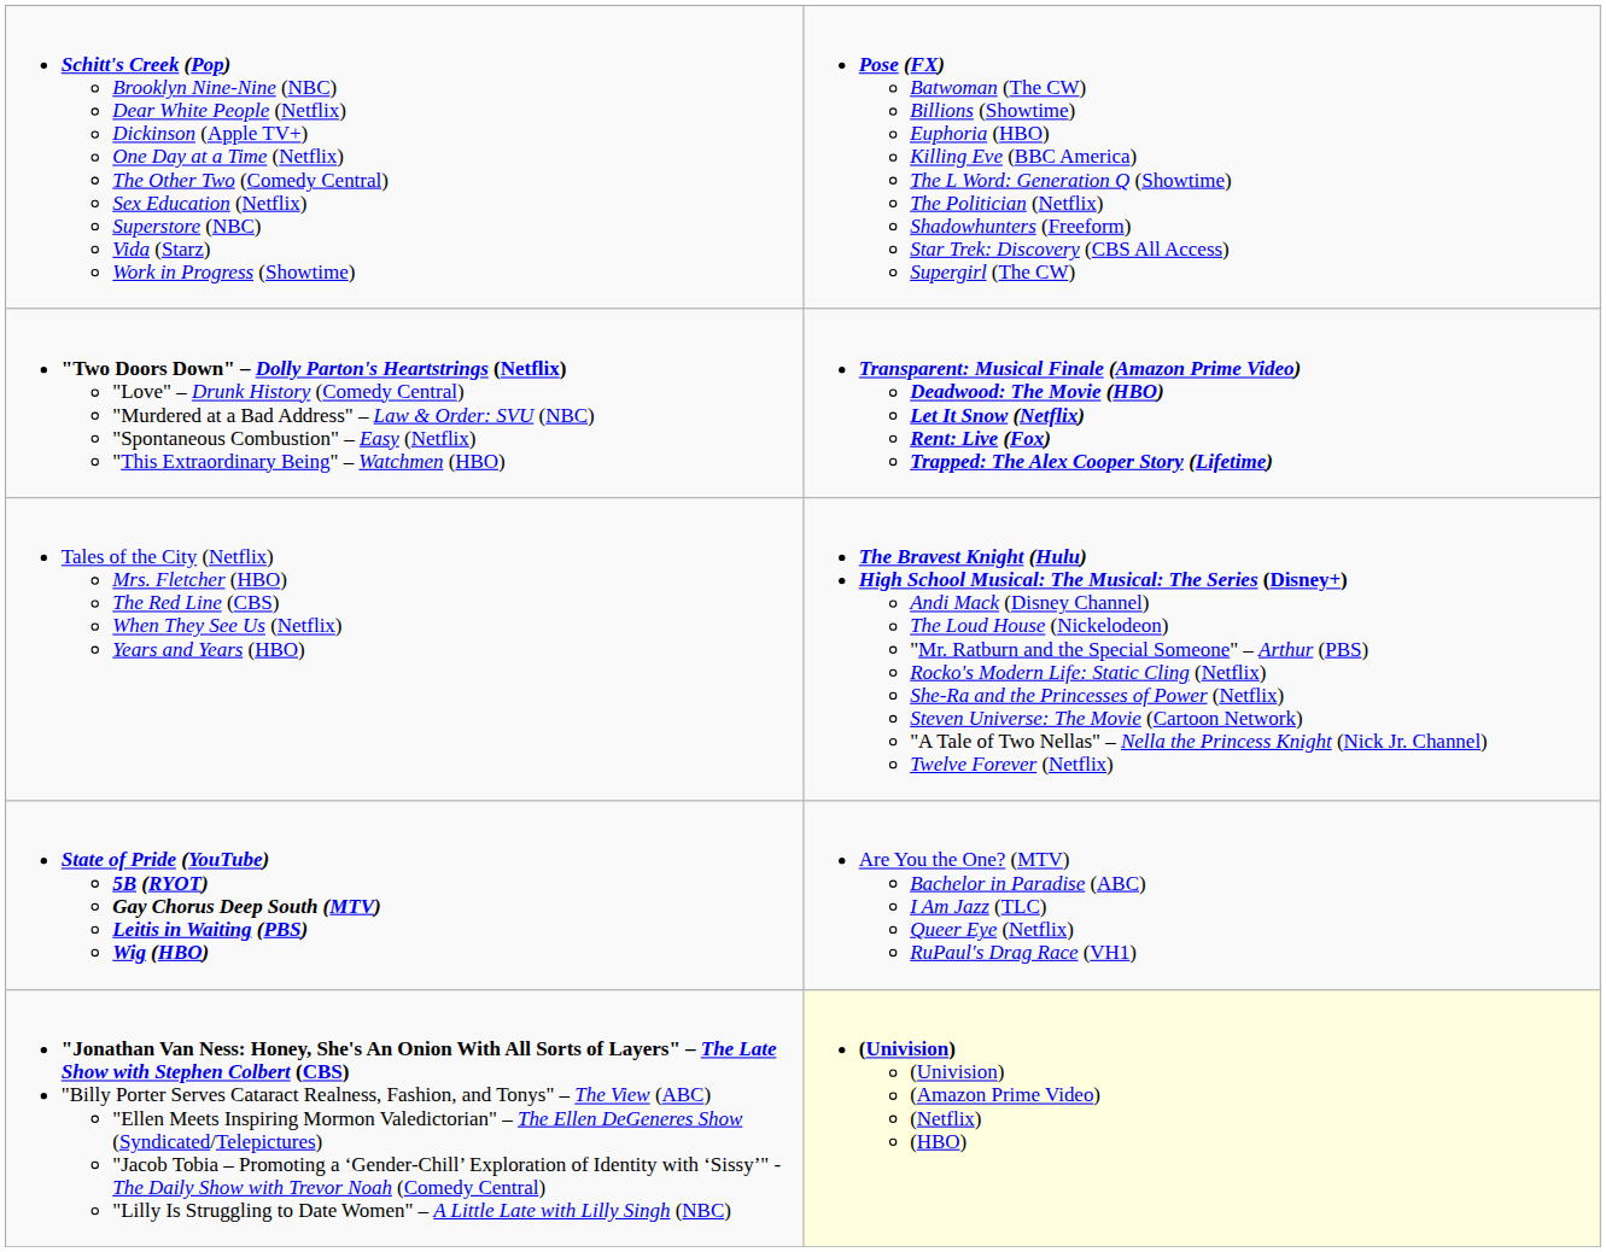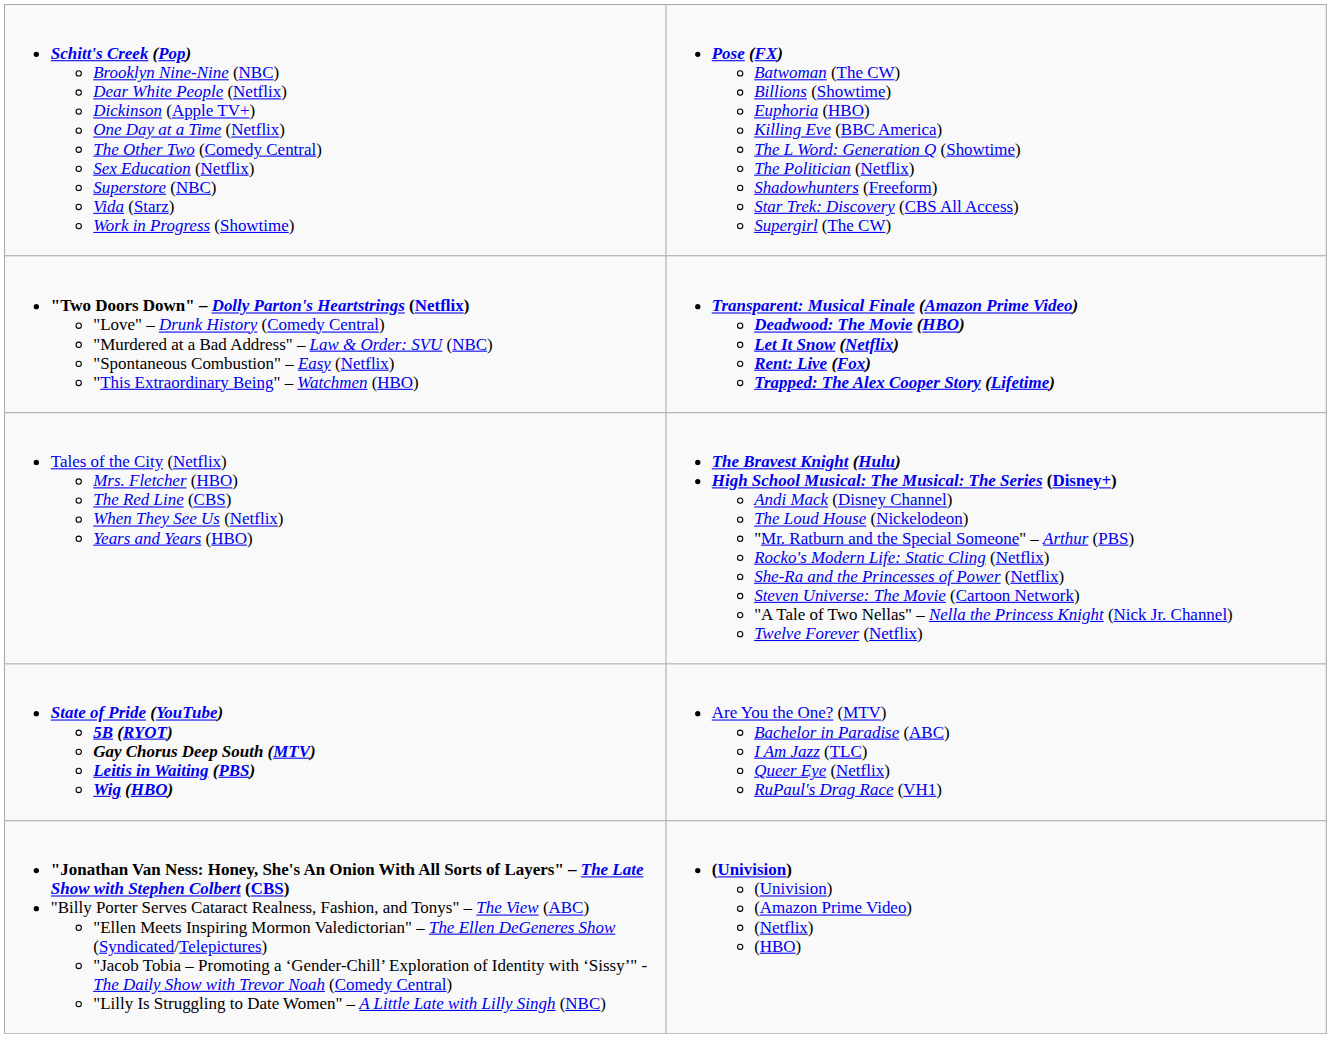 <table class=wikitable>
 <tr>
 <td style="vertical-align:top; width:50%;"><br><ul><li><strong><em><a href='#'>Schitt's Creek</a></em></strong> <strong><em>(<a href='#'>Pop</a>)</em></strong><ul><li><em><a href='#'>Brooklyn Nine-Nine</a></em> (<a href='#'>NBC</a>)</li><li><em><a href='#'>Dear White People</a></em> (<a href='#'>Netflix</a>)</li><li><em><a href='#'>Dickinson</a></em> (<a href='#'>Apple TV+</a>)</li><li><em><a href='#'>One Day at a Time</a></em> (<a href='#'>Netflix</a>)</li><li><em><a href='#'>The Other Two</a></em> (<a href='#'>Comedy Central</a>)</li><li><em><a href='#'>Sex Education</a></em> (<a href='#'>Netflix</a>)</li><li><em><a href='#'>Superstore</a></em> (<a href='#'>NBC</a>)</li><li><em><a href='#'>Vida</a></em> (<a href='#'>Starz</a>)</li><li><em><a href='#'>Work in Progress</a></em> (<a href='#'>Showtime</a>)</li></ul></li></ul></td>
 <td style="vertical-align:top; width:50%;"><br><ul><li><strong><em><a href='#'>Pose</a></em></strong> <strong><em>(<a href='#'>FX</a>)</em></strong><ul><li><em><a href='#'>Batwoman</a></em> (<a href='#'>The CW</a>)</li><li><em><a href='#'>Billions</a></em> (<a href='#'>Showtime</a>)</li><li><em><a href='#'>Euphoria</a></em> (<a href='#'>HBO</a>)</li><li><em><a href='#'>Killing Eve</a></em> (<a href='#'>BBC America</a>)</li><li><em><a href='#'>The L Word: Generation Q</a></em> (<a href='#'>Showtime</a>)</li><li><em><a href='#'>The Politician</a></em> (<a href='#'>Netflix</a>)</li><li><em><a href='#'>Shadowhunters</a></em> (<a href='#'>Freeform</a>)</li><li><em><a href='#'>Star Trek: Discovery</a></em> (<a href='#'>CBS All Access</a>)</li><li><em><a href='#'>Supergirl</a></em> (<a href='#'>The CW</a>)</li></ul></li></ul></td>
 </tr>
 <tr>
 <td style="vertical-align:top; width:50%;"><br><ul><li><strong>"Two Doors Down" – <em><a href='#'>Dolly Parton's Heartstrings</a></em> (<a href='#'>Netflix</a>)</strong><ul><li>"Love" –  <em><a href='#'>Drunk History</a></em> (<a href='#'>Comedy Central</a>)</li><li>"Murdered at a Bad Address" – <em><a href='#'>Law & Order: SVU</a></em> (<a href='#'>NBC</a>)</li><li>"Spontaneous Combustion" – <em><a href='#'>Easy</a></em> (<a href='#'>Netflix</a>)</li><li>"<a href='#'>This Extraordinary Being</a>" – <em><a href='#'>Watchmen</a></em> (<a href='#'>HBO</a>)</li></ul></li></ul></td>
 <td style="vertical-align:top; width:50%;"><br><ul><li><strong><em><a href='#'>Transparent: Musical Finale</a><em> (<a href='#'>Amazon Prime Video</a>)<strong><ul><li></em><a href='#'>Deadwood: The Movie</a><em> (<a href='#'>HBO</a>)</li><li></em><a href='#'>Let It Snow</a><em> (<a href='#'>Netflix</a>)</li><li></em><a href='#'>Rent: Live</a><em> (<a href='#'>Fox</a>)</li><li></em><a href='#'>Trapped: The Alex Cooper Story</a><em> (<a href='#'>Lifetime</a>)</li></ul></li></ul></td>
 </tr>
 <tr>
 <td style="vertical-align:top; width:50%;"><br><ul><li></em></strong><a href='#'>Tales of the City</a></em> (<a href='#'>Netflix</a>)</strong><ul><li><em><a href='#'>Mrs. Fletcher</a></em> (<a href='#'>HBO</a>)</li><li><em><a href='#'>The Red Line</a></em> (<a href='#'>CBS</a>)</li><li><em><a href='#'>When They See Us</a></em> (<a href='#'>Netflix</a>)</li><li><em><a href='#'>Years and Years</a></em> (<a href='#'>HBO</a>)</li></ul></li></ul></td>
 <td style="vertical-align:top; width:50%;"><br><ul><li><strong><em><a href='#'>The Bravest Knight</a><em> (<a href='#'>Hulu</a>)<strong></li><li></em></strong><a href='#'>High School Musical: The Musical: The Series</a></em> (<a href='#'>Disney+</a>)</strong><ul><li><em><a href='#'>Andi Mack</a></em> (<a href='#'>Disney Channel</a>)</li><li><em><a href='#'>The Loud House</a></em> (<a href='#'>Nickelodeon</a>)</li><li>"<a href='#'>Mr. Ratburn and the Special Someone</a>" – <em><a href='#'>Arthur</a></em> (<a href='#'>PBS</a>)</li><li><em><a href='#'>Rocko's Modern Life: Static Cling</a></em> (<a href='#'>Netflix</a>)</li><li><em><a href='#'>She-Ra and the Princesses of Power</a></em> (<a href='#'>Netflix</a>)</li><li><em><a href='#'>Steven Universe: The Movie</a></em> (<a href='#'>Cartoon Network</a>)</li><li>"A Tale of Two Nellas" – <em><a href='#'>Nella the Princess Knight</a></em> (<a href='#'>Nick Jr. Channel</a>)</li><li><em><a href='#'>Twelve Forever</a></em> (<a href='#'>Netflix</a>)</li></ul></li></ul></td>
 </tr>
 <tr>
 <td style="vertical-align:top; width:50%;"><br><ul><li><strong><em><a href='#'>State of Pride</a><em> (<a href='#'>YouTube</a>)<strong><ul><li></em><a href='#'>5B</a><em> (<a href='#'>RYOT</a>)</li><li></em>Gay Chorus Deep South<em> (<a href='#'>MTV</a>)</li><li></em><a href='#'>Leitis in Waiting</a><em> (<a href='#'>PBS</a>)</li><li></em><a href='#'>Wig</a><em> (<a href='#'>HBO</a>)</li></ul></li></ul></td>
 <td style="vertical-align:top; width:50%;"><br><ul><li></em></strong><a href='#'>Are You the One?</a></em> (<a href='#'>MTV</a>)</strong><ul><li><em><a href='#'>Bachelor in Paradise</a></em> (<a href='#'>ABC</a>)</li><li><em><a href='#'>I Am Jazz</a></em> (<a href='#'>TLC</a>)</li><li><em><a href='#'>Queer Eye</a></em> (<a href='#'>Netflix</a>)</li><li><em><a href='#'>RuPaul's Drag Race</a></em> (<a href='#'>VH1</a>)</li></ul></li></ul></td>
 </tr>
 <tr>
 <td style="vertical-align:top; width:50%;"><br><ul><li><strong>"Jonathan Van Ness: Honey, She's An Onion With All Sorts of Layers" – <em><a href='#'>The Late Show with Stephen Colbert</a></em> (<a href='#'>CBS</a>)</strong></li><li>"Billy Porter Serves Cataract Realness, Fashion, and Tonys" – <em><a href='#'>The View</a></em> (<a href='#'>ABC</a>)<ul><li>"Ellen Meets Inspiring Mormon Valedictorian" – <em><a href='#'>The Ellen DeGeneres Show</a></em> (<a href='#'>Syndicated</a>/<a href='#'>Telepictures</a>)</li><li>"Jacob Tobia – Promoting a ‘Gender-Chill’ Exploration of Identity with ‘Sissy’" - <em><a href='#'>The Daily Show with Trevor Noah</a></em> (<a href='#'>Comedy Central</a>)</li><li>"Lilly Is Struggling to Date Women" – <em><a href='#'>A Little Late with Lilly Singh</a></em> (<a href='#'>NBC</a>)</li></ul></li></ul></td>
-<td style="background: lightyellow; vertical-align:top; width:50%;"><br><ul><li><strong> (<a href='#'>Univision</a>)</strong><ul><li> (<a href='#'>Univision</a>)</li><li> (<a href='#'>Amazon Prime Video</a>)</li><li> (<a href='#'>Netflix</a>)</li><li> (<a href='#'>HBO</a>)</li></ul></li></ul></td>
+<td style="vertical-align:top; width:50%;"><br><ul><li><strong> (<a href='#'>Univision</a>)</strong><ul><li> (<a href='#'>Univision</a>)</li><li> (<a href='#'>Amazon Prime Video</a>)</li><li> (<a href='#'>Netflix</a>)</li><li> (<a href='#'>HBO</a>)</li></ul></li></ul></td>
 </tr>
 </table>
